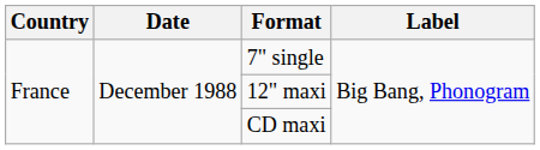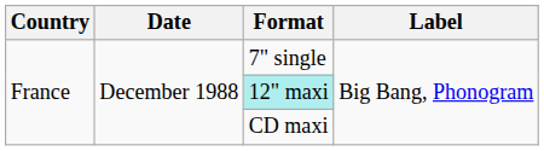 <table class=wikitable>
 <tr>
 <th>Country</th>
 <th>Date</th>
 <th>Format</th>
 <th>Label</th>
 </tr>
 <tr>
 <td rowspan="3">France</td>
 <td rowspan="3">December 1988</td>
 <td>7" single</td>
 <td rowspan="3">Big Bang, <a href='#'>Phonogram</a></td>
 </tr>
 <tr>
-<td>12" maxi</td>
+<td style="background: paleturquoise;">12" maxi</td>
 </tr>
 <tr>
 <td>CD maxi</td>
 </tr>
 </table>
